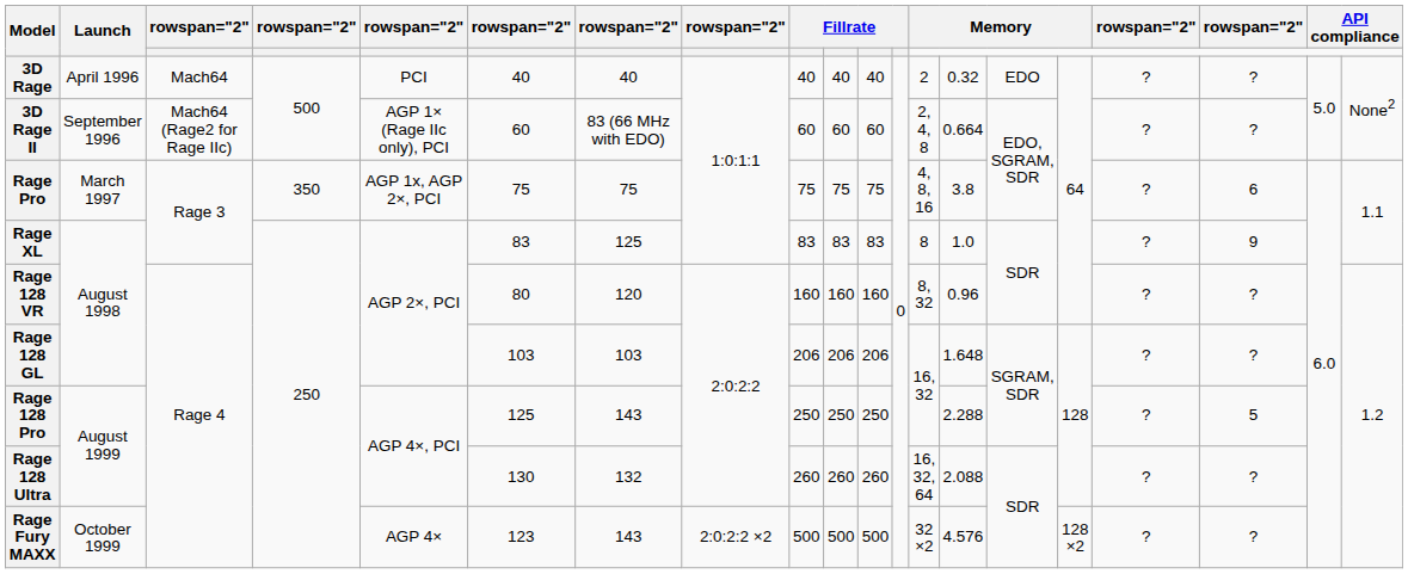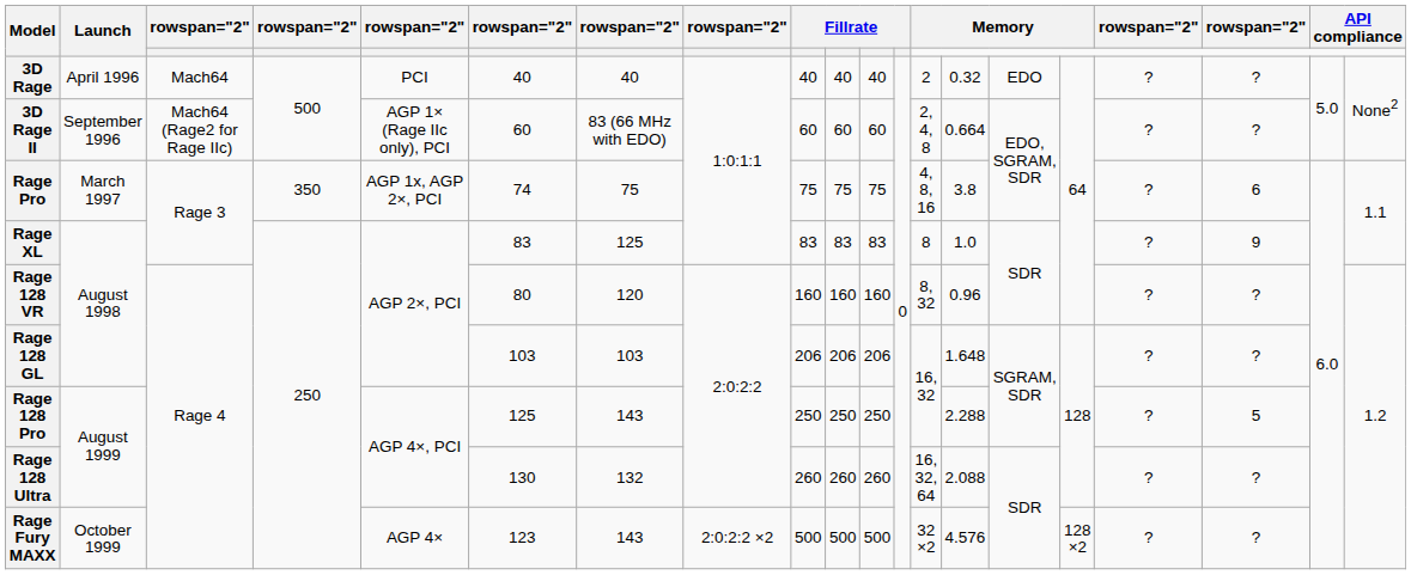 <table class="mw-datatable wikitable sortable" style="font-size:85%; text-align:center;">
 <tr>
 <th rowspan="2">Model</th>
 <th rowspan="2">Launch</th>
 <th>rowspan="2" </th>
 <th>rowspan="2" </th>
 <th>rowspan="2" </th>
 <th>rowspan="2" </th>
 <th>rowspan="2" </th>
 <th>rowspan="2" </th>
 <th colspan="4"><a href='#'>Fillrate</a></th>
 <th colspan="4">Memory</th>
 <th>rowspan="2" </th>
 <th>rowspan="2" </th>
 <th colspan="2"><a href='#'>API</a> compliance</th>
 </tr>
 <tr>
 <th></th>
 <th></th>
 <th></th>
 <th></th>
 <th></th>
 <th></th>
 <th></th>
 <th></th>
 <th></th>
 <th></th>
 </tr>
 <tr>
 <th>3D Rage</th>
 <td>April 1996</td>
 <td>Mach64</td>
 <td rowspan="2">500</td>
 <td>PCI</td>
 <td>40</td>
 <td>40</td>
 <td rowspan="4">1:0:1:1</td>
 <td>40</td>
 <td>40</td>
 <td>40</td>
 <td rowspan="9">0</td>
 <td>2</td>
 <td>0.32</td>
 <td>EDO</td>
 <td rowspan="5">64</td>
 <td>?</td>
 <td>?</td>
 <td rowspan="2">5.0</td>
 <td rowspan="2">None<sup>2</sup></td>
 </tr>
 <tr>
 <th>3D Rage II</th>
 <td>September 1996</td>
 <td>Mach64 (Rage2 for Rage IIc)</td>
 <td>AGP 1× (Rage IIc only), PCI</td>
 <td>60</td>
 <td>83 (66 MHz with EDO)</td>
 <td>60</td>
 <td>60</td>
 <td>60</td>
 <td>2, 4, 8</td>
 <td>0.664</td>
 <td rowspan="2">EDO, SGRAM, SDR</td>
 <td>?</td>
 <td>?</td>
 </tr>
 <tr>
 <th>Rage Pro</th>
 <td>March 1997</td>
 <td rowspan="2">Rage 3</td>
 <td>350</td>
 <td>AGP 1x, AGP 2×, PCI</td>
-<td>75</td>
+<td>74</td>
 <td>75</td>
 <td>75</td>
 <td>75</td>
 <td>75</td>
 <td>4, 8, 16</td>
 <td>3.8</td>
 <td>?</td>
 <td>6</td>
 <td rowspan="7">6.0</td>
 <td rowspan="2">1.1</td>
 </tr>
 <tr>
 <th>Rage XL</th>
 <td rowspan="3">August 1998</td>
 <td rowspan="6">250</td>
 <td rowspan="3">AGP 2×, PCI</td>
 <td>83</td>
 <td>125</td>
 <td>83</td>
 <td>83</td>
 <td>83</td>
 <td>8</td>
 <td>1.0</td>
 <td rowspan="2">SDR</td>
 <td>?</td>
 <td>9</td>
 </tr>
 <tr>
 <th>Rage 128 VR</th>
 <td rowspan="5">Rage 4</td>
 <td>80</td>
 <td>120</td>
 <td rowspan="4">2:0:2:2</td>
 <td>160</td>
 <td>160</td>
 <td>160</td>
 <td>8, 32</td>
 <td>0.96</td>
 <td>?</td>
 <td>?</td>
 <td rowspan="5">1.2</td>
 </tr>
 <tr>
 <th>Rage 128 GL</th>
 <td>103</td>
 <td>103</td>
 <td>206</td>
 <td>206</td>
 <td>206</td>
 <td rowspan="2">16, 32</td>
 <td>1.648</td>
 <td rowspan="2">SGRAM, SDR</td>
 <td rowspan="3">128</td>
 <td>?</td>
 <td>?</td>
 </tr>
 <tr>
 <th>Rage 128 Pro</th>
 <td rowspan="2">August 1999</td>
 <td rowspan="2">AGP 4×, PCI</td>
 <td>125</td>
 <td>143</td>
 <td>250</td>
 <td>250</td>
 <td>250</td>
 <td>2.288</td>
 <td>?</td>
 <td>5</td>
 </tr>
 <tr>
 <th>Rage 128 Ultra</th>
 <td>130</td>
 <td>132</td>
 <td>260</td>
 <td>260</td>
 <td>260</td>
 <td>16, 32, 64</td>
 <td>2.088</td>
 <td rowspan="2">SDR</td>
 <td>?</td>
 <td>?</td>
 </tr>
 <tr>
 <th>Rage Fury MAXX</th>
 <td>October 1999</td>
 <td>AGP 4×</td>
 <td>123</td>
 <td>143</td>
 <td>2:0:2:2 ×2</td>
 <td>500</td>
 <td>500</td>
 <td>500</td>
 <td>32 ×2</td>
 <td>4.576</td>
 <td>128 ×2</td>
 <td>?</td>
 <td>?</td>
 </tr>
 </table>
